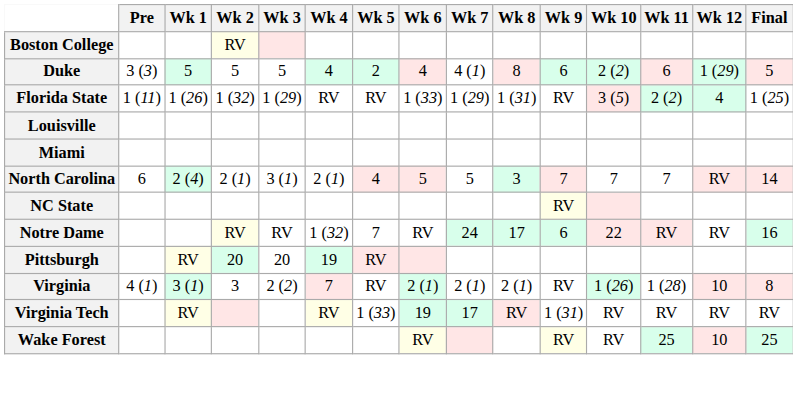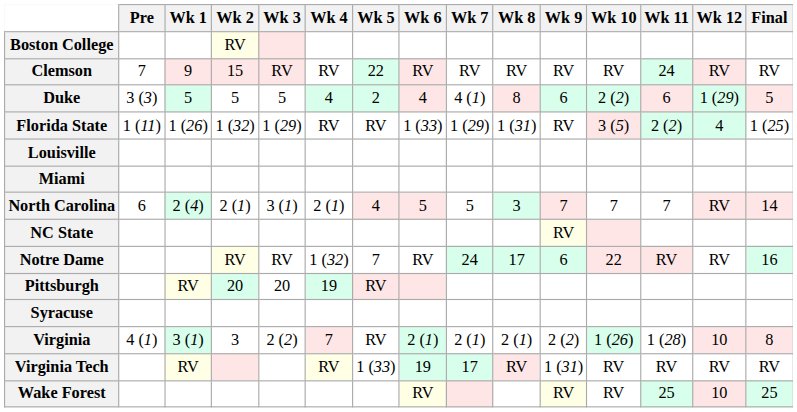 <table class="wikitable" style="white-space:nowrap;font-size:90%;">
 <tr>
 <th colspan=1 style="background:white; border-top-style:hidden; border-left-style:hidden;"> </th>
 <th>Pre <br></th>
 <th>Wk 1 <br></th>
 <th>Wk 2 <br></th>
 <th>Wk 3 <br></th>
 <th>Wk 4 <br></th>
 <th>Wk 5 <br></th>
 <th>Wk 6 <br></th>
 <th>Wk 7 <br></th>
 <th>Wk 8 <br></th>
 <th>Wk 9 <br></th>
 <th>Wk 10 <br></th>
 <th>Wk 11 <br></th>
 <th>Wk 12 <br></th>
 <th>Final <br></th>
 </tr>
 <tr style="text-align:center;">
 <th>Boston College</th>
 <td style="background:#FFF;"></td>
 <td style="background:#FFF;"></td>
 <td style="background:#FFFFE6;"> RV</td>
 <td style="background:#FFE6E6;"></td>
 <td style="background:#FFF;"></td>
 <td style="background:#FFF;"></td>
 <td style="background:#FFF;"></td>
 <td style="background:#FFF;"></td>
 <td style="background:#FFF;"></td>
 <td style="background:#FFF;"></td>
 <td style="background:#FFF;"></td>
 <td style="background:#FFF;"></td>
 <td style="background:#FFF;"></td>
 <td style="background:#FFF;"></td>
+</tr>
+<tr style="text-align:center;">
+<th>Clemson</th>
+<td style="background:#FFF;"> 7</td>
+<td style="background:#FFE6E6;"> 9</td>
+<td style="background:#FFE6E6;"> 15</td>
+<td style="background:#FFE6E6;"> RV</td>
+<td style="background:#FFF;"> RV</td>
+<td style="background:#D8FFEB;"> 22</td>
+<td style="background:#FFE6E6;"> RV</td>
+<td style="background:#FFF;"> RV</td>
+<td style="background:#FFF;"> RV</td>
+<td style="background:#FFF;"> RV</td>
+<td style="background:#FFF;"> RV</td>
+<td style="background:#D8FFEB;"> 24</td>
+<td style="background:#FFE6E6;"> RV</td>
+<td style="background:#FFF;"> RV</td>
 </tr>
 <tr style="text-align:center;">
 <th>Duke</th>
 <td style="background:#FFF;"> 3 (<em>3</em>)</td>
 <td style="background:#D8FFEB;"> 5</td>
 <td style="background:#FFF;"> 5</td>
 <td style="background:#FFF;"> 5</td>
 <td style="background:#D8FFEB;"> 4</td>
 <td style="background:#D8FFEB;"> 2</td>
 <td style="background:#FFE6E6;"> 4</td>
 <td style="background:#FFF;"> 4 (<em>1</em>)</td>
 <td style="background:#FFE6E6;"> 8</td>
 <td style="background:#D8FFEB;"> 6</td>
 <td style="background:#D8FFEB;"> 2 (<em>2</em>)</td>
 <td style="background:#FFE6E6;"> 6</td>
 <td style="background:#D8FFEB;"> 1 (<em>29</em>)</td>
 <td style="background:#FFE6E6;"> 5</td>
 </tr>
 <tr style="text-align:center;">
 <th>Florida State</th>
 <td style="background:#FFF;"> 1 (<em>11</em>)</td>
 <td style="background:#FFF;"> 1 (<em>26</em>)</td>
 <td style="background:#FFF;"> 1 (<em>32</em>)</td>
 <td style="background:#FFF;"> 1 (<em>29</em>)</td>
 <td style="background:#FFF;"> RV</td>
 <td style="background:#FFF;"> RV</td>
 <td style="background:#FFF;"> 1 (<em>33</em>)</td>
 <td style="background:#FFF;"> 1 (<em>29</em>)</td>
 <td style="background:#FFF;"> 1 (<em>31</em>)</td>
 <td style="background:#FFF;"> RV</td>
 <td style="background:#FFE6E6;"> 3 (<em>5</em>)</td>
 <td style="background:#D8FFEB;"> 2 (<em>2</em>)</td>
 <td style="background:#D8FFEB;"> 4</td>
 <td style="background:#FFF;"> 1 (<em>25</em>)</td>
 </tr>
 <tr style="text-align:center;">
 <th>Louisville</th>
 <td style="background:#FFF;"></td>
 <td style="background:#FFF;"></td>
 <td style="background:#FFF;"></td>
 <td style="background:#FFF;"></td>
 <td style="background:#FFF;"></td>
 <td style="background:#FFF;"></td>
 <td style="background:#FFF;"></td>
 <td style="background:#FFF;"></td>
 <td style="background:#FFF;"></td>
 <td style="background:#FFF;"></td>
 <td style="background:#FFF;"></td>
 <td style="background:#FFF;"></td>
 <td style="background:#FFF;"></td>
 <td style="background:#FFF;"></td>
 </tr>
 <tr style="text-align:center;">
 <th>Miami</th>
 <td style="background:#FFF;"></td>
 <td style="background:#FFF;"></td>
 <td style="background:#FFF;"></td>
 <td style="background:#FFF;"></td>
 <td style="background:#FFF;"></td>
 <td style="background:#FFF;"></td>
 <td style="background:#FFF;"></td>
 <td style="background:#FFF;"></td>
 <td style="background:#FFF;"></td>
 <td style="background:#FFF;"></td>
 <td style="background:#FFF;"></td>
 <td style="background:#FFF;"></td>
 <td style="background:#FFF;"></td>
 <td style="background:#FFF;"></td>
 </tr>
 <tr style="text-align:center;">
 <th>North Carolina</th>
 <td style="background:#FFF;"> 6</td>
 <td style="background:#D8FFEB;"> 2 (<em>4</em>)</td>
 <td style="background:#FFF;"> 2 (<em>1</em>)</td>
 <td style="background:#FFF;"> 3 (<em>1</em>)</td>
 <td style="background:#FFF;"> 2 (<em>1</em>)</td>
 <td style="background:#FFE6E6;"> 4</td>
 <td style="background:#FFE6E6;"> 5</td>
 <td style="background:#FFF;"> 5</td>
 <td style="background:#D8FFEB;"> 3</td>
 <td style="background:#FFE6E6;"> 7</td>
 <td style="background:#FFF;"> 7</td>
 <td style="background:#FFF;"> 7</td>
 <td style="background:#FFE6E6;"> RV</td>
 <td style="background:#FFE6E6;"> 14</td>
 </tr>
 <tr style="text-align:center;">
 <th>NC State</th>
 <td style="background:#FFF;"></td>
 <td style="background:#FFF;"></td>
 <td style="background:#FFF;"></td>
 <td style="background:#FFF;"></td>
 <td style="background:#FFF;"></td>
 <td style="background:#FFF;"></td>
 <td style="background:#FFF;"></td>
 <td style="background:#FFF;"></td>
 <td style="background:#FFF;"></td>
 <td style="background:#FFFFE6;"> RV</td>
 <td style="background:#FFE6E6;"></td>
 <td style="background:#FFF;"></td>
 <td style="background:#FFF;"></td>
 <td style="background:#FFF;"></td>
 </tr>
 <tr style="text-align:center;">
 <th>Notre Dame</th>
 <td style="background:#FFF;"></td>
 <td style="background:#FFF;"></td>
 <td style="background:#FFFFE6;"> RV</td>
 <td style="background:#FFF;"> RV</td>
 <td style="background:#FFF;"> 1 (<em>32</em>)</td>
 <td style="background:#FFF;"> 7</td>
 <td style="background:#FFF;"> RV</td>
 <td style="background:#D8FFEB;"> 24</td>
 <td style="background:#D8FFEB;"> 17</td>
 <td style="background:#D8FFEB;"> 6</td>
 <td style="background:#FFE6E6;"> 22</td>
 <td style="background:#FFE6E6;"> RV</td>
 <td style="background:#FFF;"> RV</td>
 <td style="background:#D8FFEB;"> 16</td>
 </tr>
 <tr style="text-align:center;">
 <th>Pittsburgh</th>
 <td style="background:#FFF;"></td>
 <td style="background:#FFFFE6;"> RV</td>
 <td style="background:#D8FFEB;"> 20</td>
 <td style="background:#FFF;"> 20</td>
 <td style="background:#D8FFEB;"> 19</td>
 <td style="background:#FFE6E6;"> RV</td>
 <td style="background:#FFE6E6;"></td>
 <td style="background:#FFF;"></td>
 <td style="background:#FFF;"></td>
 <td style="background:#FFF;"></td>
 <td style="background:#FFF;"></td>
 <td style="background:#FFF;"></td>
 <td style="background:#FFF;"></td>
 <td style="background:#FFF;"></td>
 </tr>
 <tr style="text-align:center;">
+<th>Syracuse</th>
+<td style="background:#FFF;"></td>
+<td style="background:#FFF;"></td>
+<td style="background:#FFF;"></td>
+<td style="background:#FFF;"></td>
+<td style="background:#FFF;"></td>
+<td style="background:#FFF;"></td>
+<td style="background:#FFF;"></td>
+<td style="background:#FFF;"></td>
+<td style="background:#FFF;"></td>
+<td style="background:#FFF;"></td>
+<td style="background:#FFF;"></td>
+<td style="background:#FFF;"></td>
+<td style="background:#FFF;"></td>
+<td style="background:#FFF;"></td>
+</tr>
+<tr style="text-align:center;">
 <th>Virginia</th>
 <td style="background:#FFF;"> 4 (<em>1</em>)</td>
 <td style="background:#D8FFEB;"> 3 (<em>1</em>)</td>
 <td style="background:#FFF;"> 3</td>
 <td style="background:#FFF;"> 2 (<em>2</em>)</td>
 <td style="background:#FFE6E6;"> 7</td>
 <td style="background:#FFF;"> RV</td>
 <td style="background:#D8FFEB;"> 2 (<em>1</em>)</td>
 <td style="background:#FFF;"> 2 (<em>1</em>)</td>
 <td style="background:#FFF;"> 2 (<em>1</em>)</td>
-<td style="background:#FFF;"> RV</td>
+<td style="background:#FFF;"> 2 (<em>2</em>)</td>
 <td style="background:#D8FFEB;"> 1 (<em>26</em>)</td>
 <td style="background:#FFF;"> 1 (<em>28</em>)</td>
 <td style="background:#FFE6E6;"> 10</td>
 <td style="background:#FFE6E6;"> 8</td>
 </tr>
 <tr style="text-align:center;">
 <th>Virginia Tech</th>
 <td style="background:#FFF;"></td>
 <td style="background:#FFFFE6;"> RV</td>
 <td style="background:#FFE6E6;"></td>
 <td style="background:#FFF;"></td>
 <td style="background:#FFFFE6;"> RV</td>
 <td style="background:#FFF;"> 1 (<em>33</em>)</td>
 <td style="background:#D8FFEB;"> 19</td>
 <td style="background:#D8FFEB;"> 17</td>
 <td style="background:#FFE6E6;"> RV</td>
 <td style="background:#FFF;"> 1 (<em>31</em>)</td>
 <td style="background:#FFF;"> RV</td>
 <td style="background:#FFF;"> RV</td>
 <td style="background:#FFF;"> RV</td>
 <td style="background:#FFF;"> RV</td>
 </tr>
 <tr style="text-align:center;">
 <th>Wake Forest</th>
 <td style="background:#FFF;"></td>
 <td style="background:#FFF;"></td>
 <td style="background:#FFF;"></td>
 <td style="background:#FFF;"></td>
 <td style="background:#FFF;"></td>
 <td style="background:#FFF;"></td>
 <td style="background:#FFFFE6;"> RV</td>
 <td style="background:#FFE6E6;"></td>
 <td style="background:#FFF;"></td>
 <td style="background:#FFFFE6;"> RV</td>
 <td style="background:#FFF;"> RV</td>
 <td style="background:#D8FFEB;"> 25</td>
 <td style="background:#FFE6E6;"> 10</td>
 <td style="background:#D8FFEB;"> 25</td>
 </tr>
 </table>
